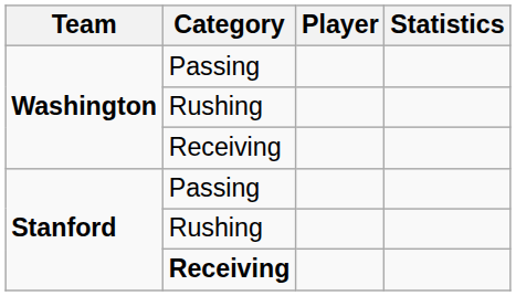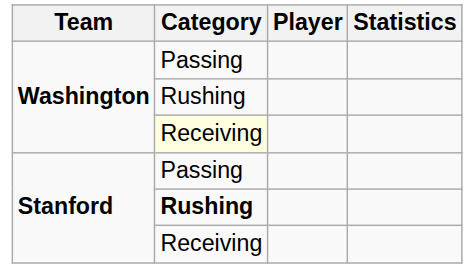 <table class="wikitable" style="float: right;">
 <tr>
 <th>Team</th>
 <th>Category</th>
 <th>Player</th>
 <th>Statistics</th>
 </tr>
 <tr>
 <td rowspan=3><strong>Washington</strong></td>
 <td>Passing</td>
 <td></td>
 <td></td>
 </tr>
 <tr>
 <td>Rushing</td>
 <td></td>
 <td></td>
 </tr>
 <tr>
-<td>Receiving</td>
+<td style="background: lightyellow;">Receiving</td>
 <td></td>
 <td></td>
 </tr>
 <tr>
 <td rowspan=3><strong>Stanford</strong></td>
 <td>Passing</td>
 <td></td>
 <td></td>
 </tr>
 <tr>
-<td>Rushing</td>
+<td><strong>Rushing</strong></td>
 <td></td>
 <td></td>
 </tr>
 <tr>
-<td><strong>Receiving</strong></td>
+<td>Receiving</td>
 <td></td>
 <td></td>
 </tr>
 </table>
